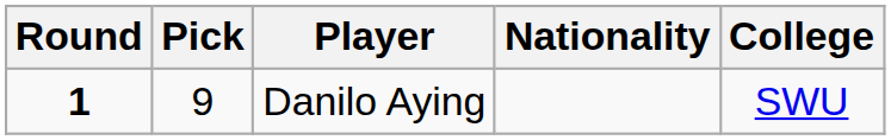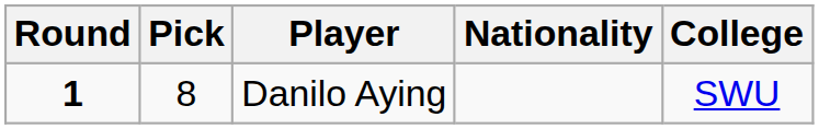 <table class="wikitable sortable sortable">
 <tr>
 <th>Round</th>
 <th>Pick</th>
 <th>Player</th>
 <th>Nationality</th>
 <th>College</th>
 </tr>
 <tr style="text-align: center">
 <td align="center"><strong>1</strong></td>
-<td align="center">9</td>
+<td align="center">8</td>
 <td>Danilo Aying</td>
 <td></td>
 <td><a href='#'>SWU</a></td>
 </tr>
 </table>
